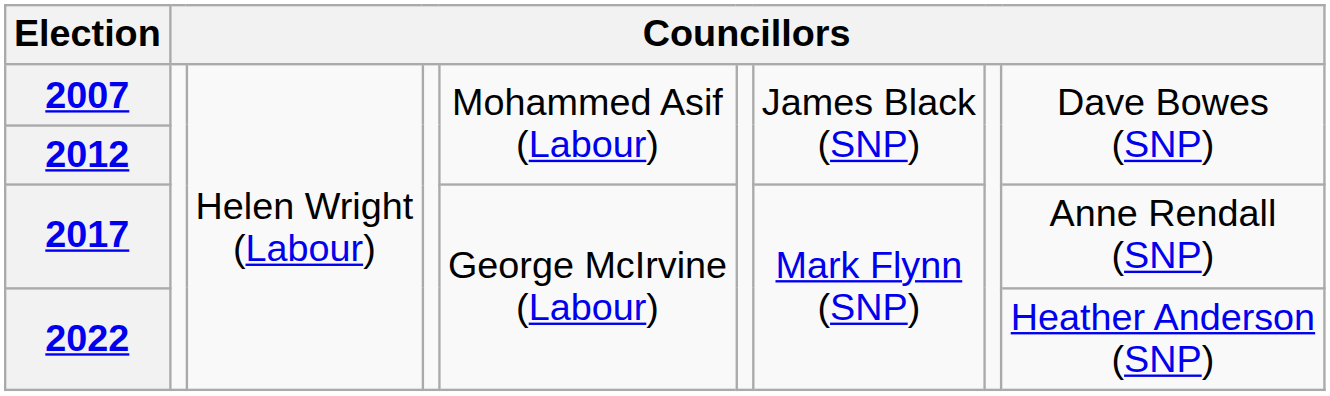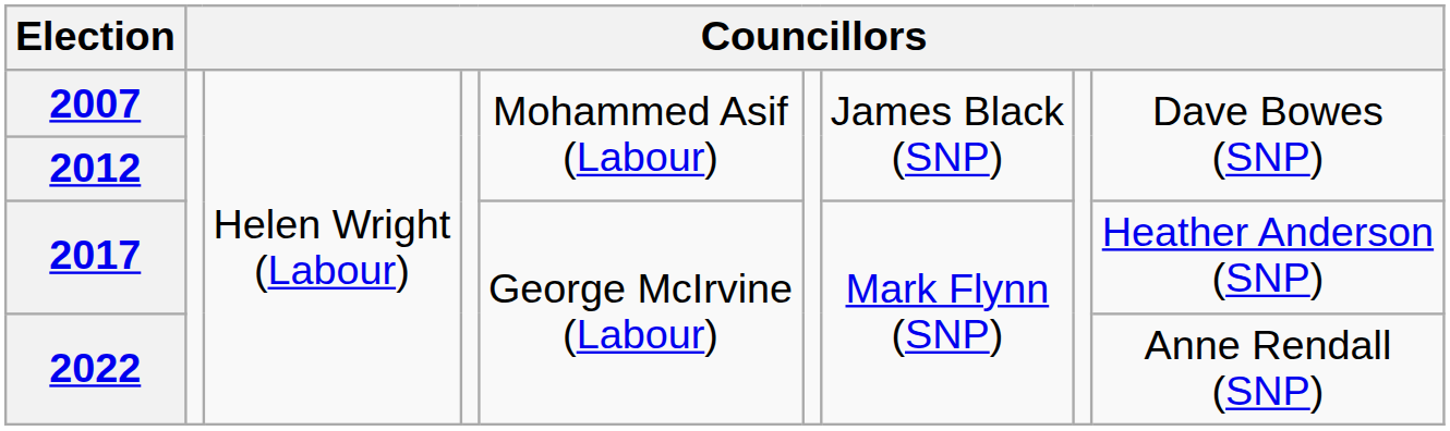 <table class="wikitable" style="text-align:center">
 <tr>
 <th>Election</th>
 <th colspan="8">Councillors</th>
 </tr>
 <tr>
 <th><a href='#'>2007</a></th>
 <td rowspan="4;" style="background-color: "></td>
 <td rowspan="4">Helen Wright<br>(<a href='#'>Labour</a>)</td>
 <td rowspan="4;" style="background-color: "></td>
 <td rowspan="2">Mohammed Asif<br>(<a href='#'>Labour</a>)</td>
 <td rowspan="4;" style="background-color: "></td>
 <td rowspan="2">James Black<br>(<a href='#'>SNP</a>)</td>
 <td rowspan="4;" style="background-color: "></td>
 <td rowspan="2">Dave Bowes<br>(<a href='#'>SNP</a>)</td>
 </tr>
 <tr>
 <th><a href='#'>2012</a></th>
 </tr>
 <tr>
 <th><a href='#'>2017</a></th>
 <td rowspan="2">George McIrvine<br>(<a href='#'>Labour</a>)</td>
 <td rowspan="2"><a href='#'>Mark Flynn</a><br>(<a href='#'>SNP</a>)</td>
-<td rowspan="1">Anne Rendall<br>(<a href='#'>SNP</a>)</td>
+<td><a href='#'>Heather Anderson</a><br>(<a href='#'>SNP</a>)</td>
 </tr>
 <tr>
 <th><a href='#'>2022</a></th>
-<td><a href='#'>Heather Anderson</a><br>(<a href='#'>SNP</a>)</td>
+<td rowspan="1">Anne Rendall<br>(<a href='#'>SNP</a>)</td>
 </tr>
 </table>
